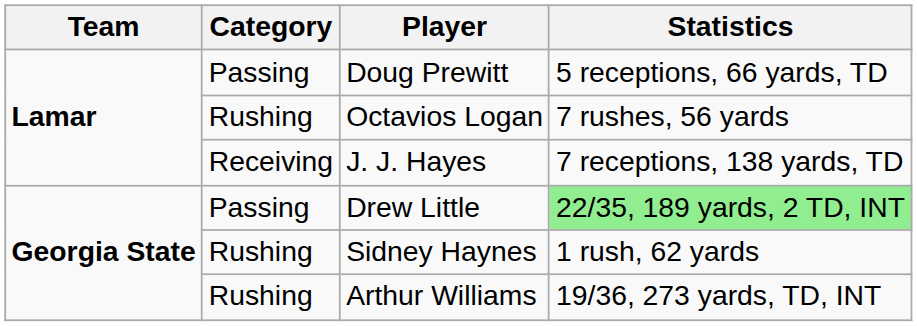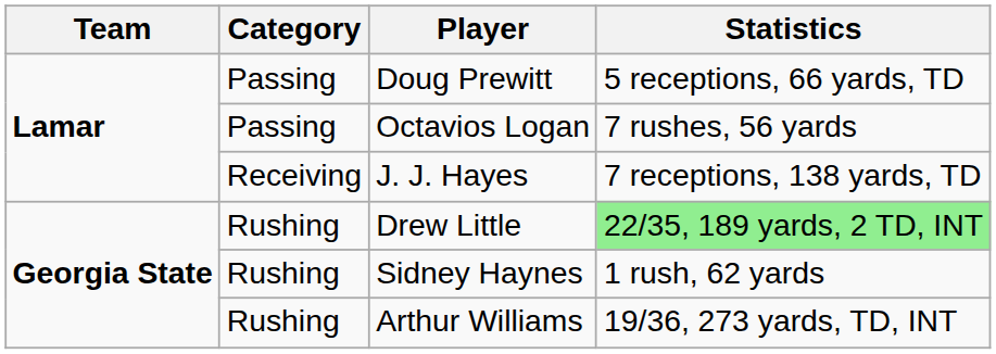 <table class="wikitable" style="float: right;">
 <tr>
 <th>Team</th>
 <th>Category</th>
 <th>Player</th>
 <th>Statistics</th>
 </tr>
 <tr>
 <td rowspan=3><strong>Lamar</strong></td>
 <td>Passing</td>
 <td>Doug Prewitt</td>
 <td>5 receptions, 66 yards, TD</td>
 </tr>
 <tr>
-<td>Rushing</td>
+<td>Passing</td>
 <td>Octavios Logan</td>
 <td>7 rushes, 56 yards</td>
 </tr>
 <tr>
 <td>Receiving</td>
 <td>J. J. Hayes</td>
 <td>7 receptions, 138 yards, TD</td>
 </tr>
 <tr>
 <td rowspan=3><strong>Georgia State</strong></td>
-<td>Passing</td>
+<td>Rushing</td>
 <td>Drew Little</td>
 <td style="background: lightgreen;">22/35, 189 yards, 2 TD, INT</td>
 </tr>
 <tr>
 <td>Rushing</td>
 <td>Sidney Haynes</td>
 <td>1 rush, 62 yards</td>
 </tr>
 <tr>
 <td>Rushing</td>
 <td>Arthur Williams</td>
 <td>19/36, 273 yards, TD, INT</td>
 </tr>
 </table>
